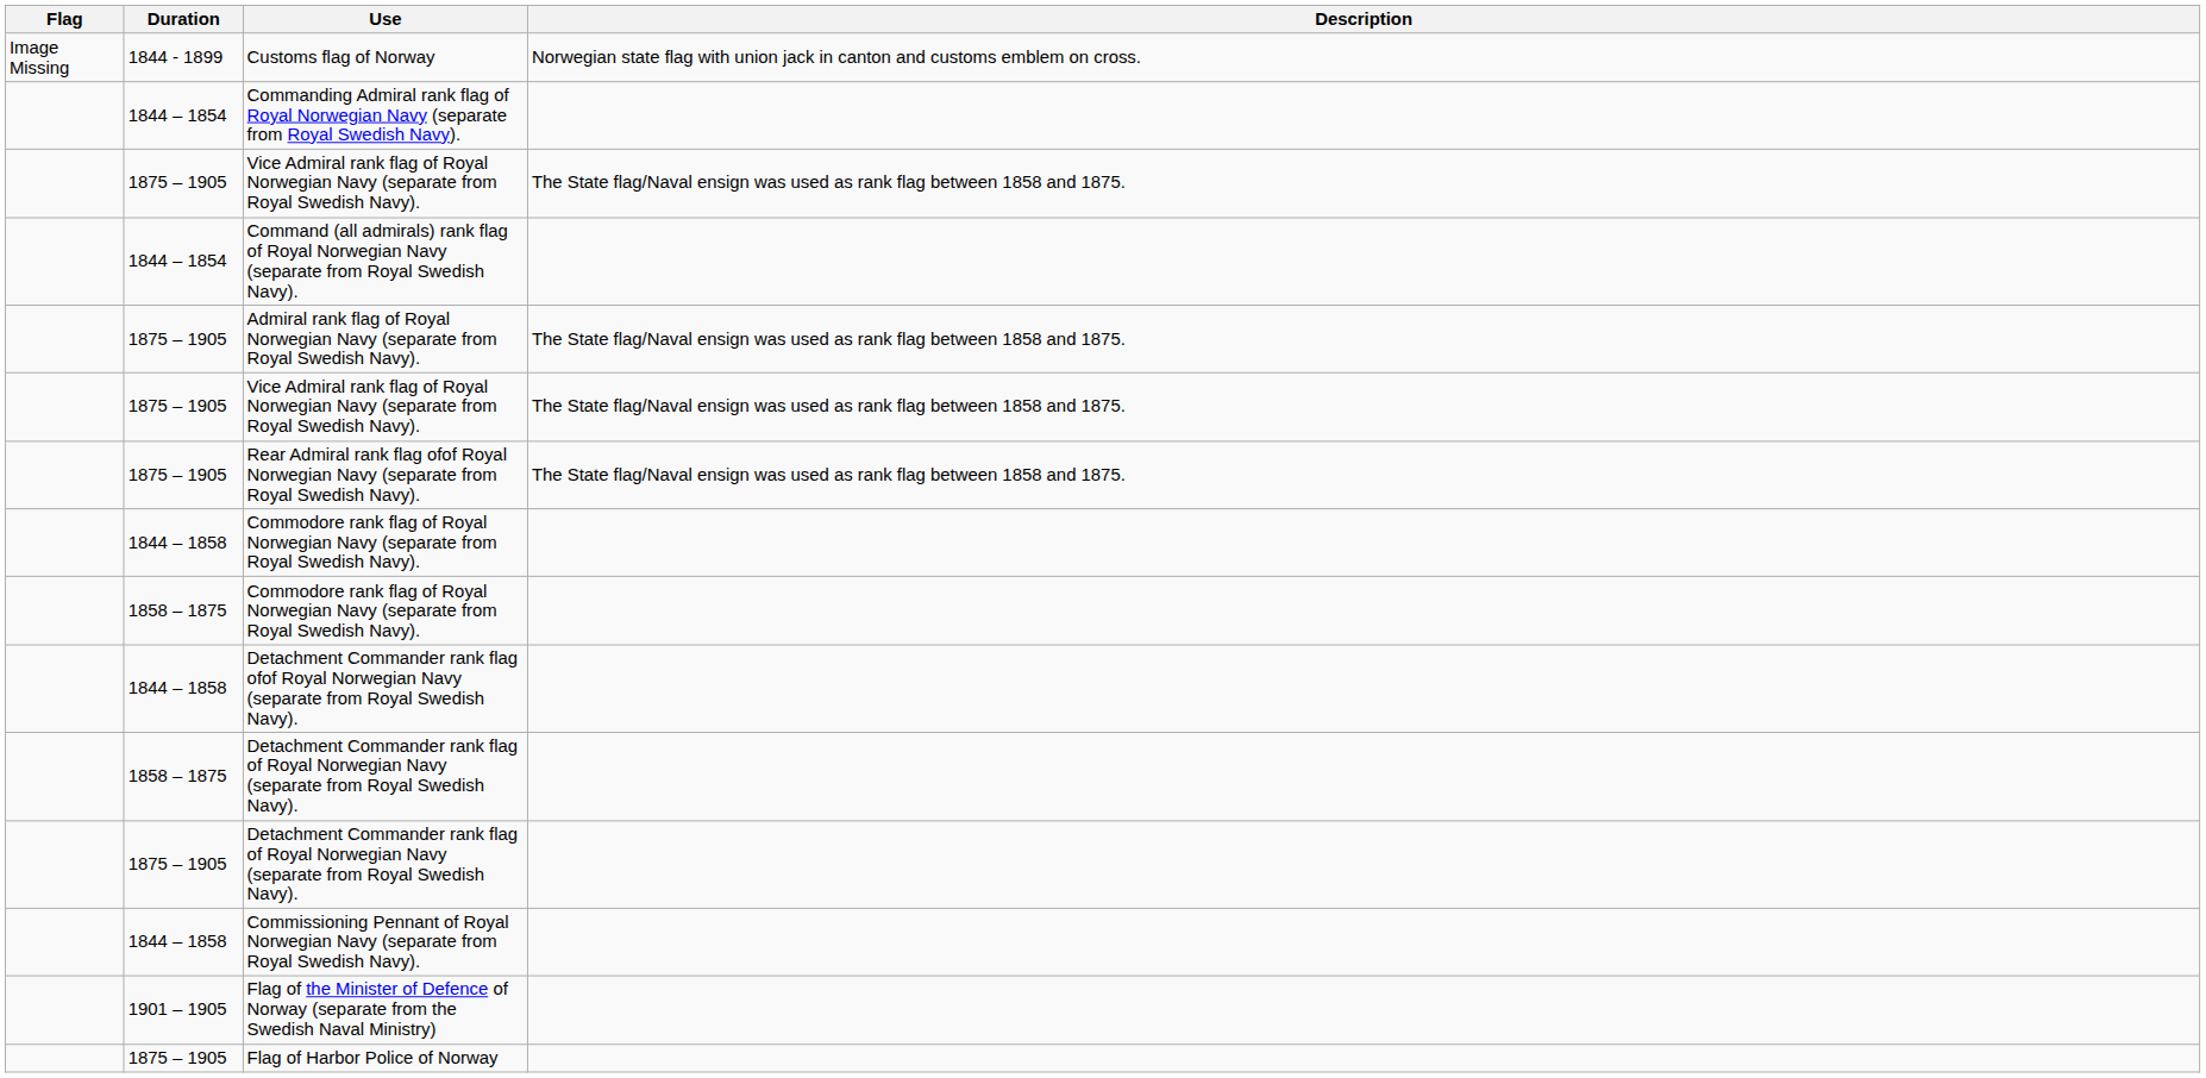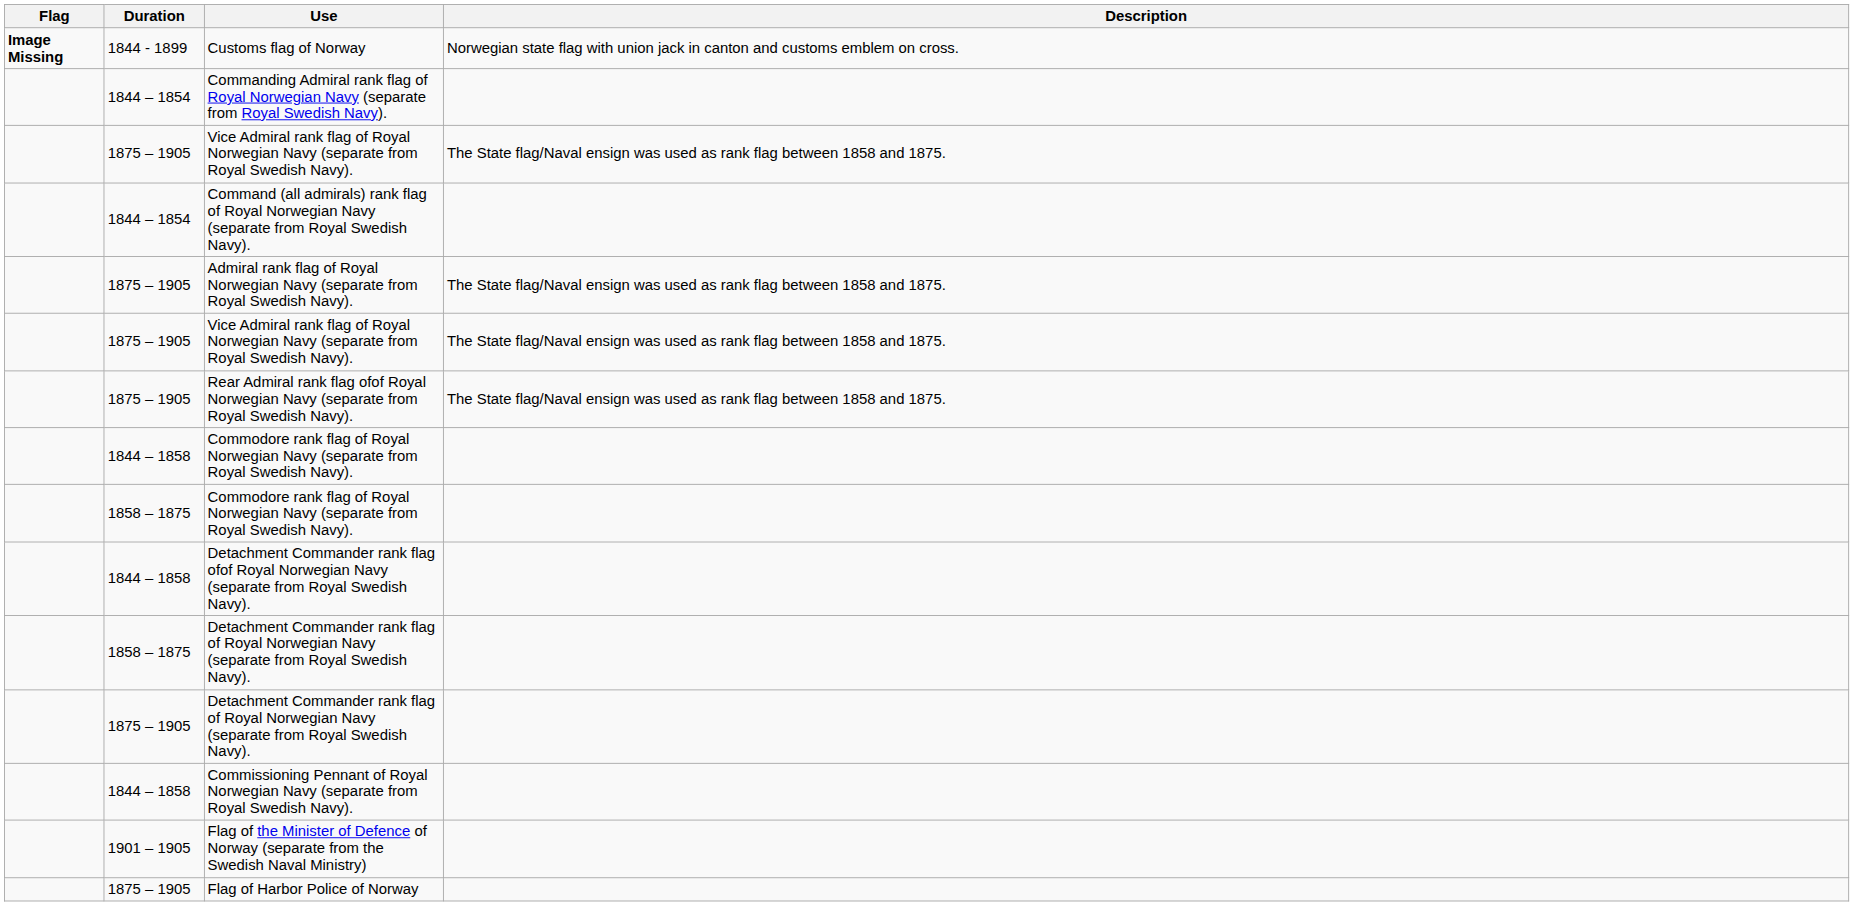 <table class="wikitable" width="100%">
 <tr>
 <th style="width:100px;">Flag</th>
 <th style="width:100px;">Duration</th>
 <th style="width:250px;">Use</th>
 <th style="min-width:250px">Description</th>
 </tr>
 <tr>
-<td>Image Missing</td>
+<td><strong>Image Missing</strong></td>
 <td>1844 - 1899</td>
 <td>Customs flag of Norway</td>
 <td>Norwegian state flag with union jack in canton and customs emblem on cross.</td>
 </tr>
 <tr>
 <td></td>
 <td>1844 – 1854</td>
 <td>Commanding Admiral rank flag of <a href='#'>Royal Norwegian Navy</a> (separate from <a href='#'>Royal Swedish Navy</a>).</td>
 <td></td>
 </tr>
 <tr>
 <td></td>
 <td>1875 – 1905</td>
 <td>Vice Admiral rank flag of Royal Norwegian Navy (separate from Royal Swedish Navy).</td>
 <td>The State flag/Naval ensign was used as rank flag between 1858 and 1875.</td>
 </tr>
 <tr>
 <td></td>
 <td>1844 – 1854</td>
 <td>Command (all admirals) rank flag of Royal Norwegian Navy (separate from Royal Swedish Navy).</td>
 </tr>
 <tr>
 <td></td>
 <td>1875 – 1905</td>
 <td>Admiral rank flag of Royal Norwegian Navy (separate from Royal Swedish Navy).</td>
 <td>The State flag/Naval ensign was used as rank flag between 1858 and 1875.</td>
 </tr>
 <tr>
 <td></td>
 <td>1875 – 1905</td>
 <td>Vice Admiral rank flag of Royal Norwegian Navy (separate from Royal Swedish Navy).</td>
 <td>The State flag/Naval ensign was used as rank flag between 1858 and 1875.</td>
 </tr>
 <tr>
 <td></td>
 <td>1875 – 1905</td>
 <td>Rear Admiral rank flag ofof Royal Norwegian Navy (separate from Royal Swedish Navy).</td>
 <td>The State flag/Naval ensign was used as rank flag between 1858 and 1875.</td>
 </tr>
 <tr>
 <td></td>
 <td>1844 – 1858</td>
 <td>Commodore rank flag of Royal Norwegian Navy (separate from Royal Swedish Navy).</td>
 <td></td>
 </tr>
 <tr>
 <td></td>
 <td>1858 – 1875</td>
 <td>Commodore rank flag of Royal Norwegian Navy (separate from Royal Swedish Navy).</td>
 <td></td>
 </tr>
 <tr>
 <td></td>
 <td>1844 – 1858</td>
 <td>Detachment Commander rank flag ofof Royal Norwegian Navy (separate from Royal Swedish Navy).</td>
 <td></td>
 </tr>
 <tr>
 <td></td>
 <td>1858 – 1875</td>
 <td>Detachment Commander rank flag of Royal Norwegian Navy (separate from Royal Swedish Navy).</td>
 <td></td>
 </tr>
 <tr>
 <td></td>
 <td>1875 – 1905</td>
 <td>Detachment Commander rank flag of Royal Norwegian Navy (separate from Royal Swedish Navy).</td>
 <td></td>
 </tr>
 <tr>
 <td></td>
 <td>1844 – 1858</td>
 <td>Commissioning Pennant of Royal Norwegian Navy (separate from Royal Swedish Navy).</td>
 <td></td>
 </tr>
 <tr>
 <td></td>
 <td>1901 – 1905</td>
 <td>Flag of <a href='#'>the Minister of Defence</a> of Norway (separate from the Swedish Naval Ministry)</td>
 <td></td>
 </tr>
 <tr>
 <td></td>
 <td>1875 – 1905</td>
 <td>Flag of Harbor Police of Norway</td>
 <td></td>
 </tr>
 </table>
